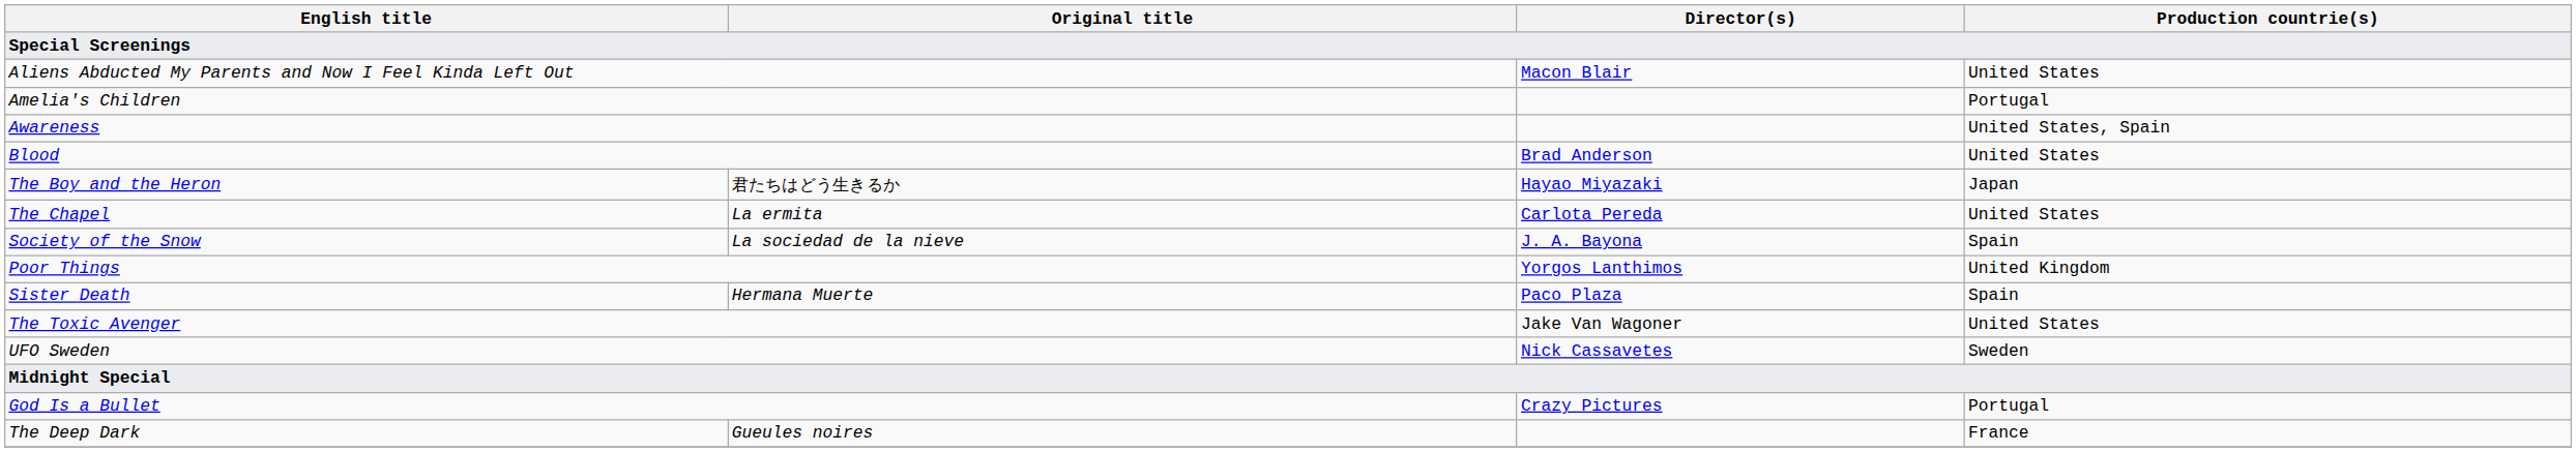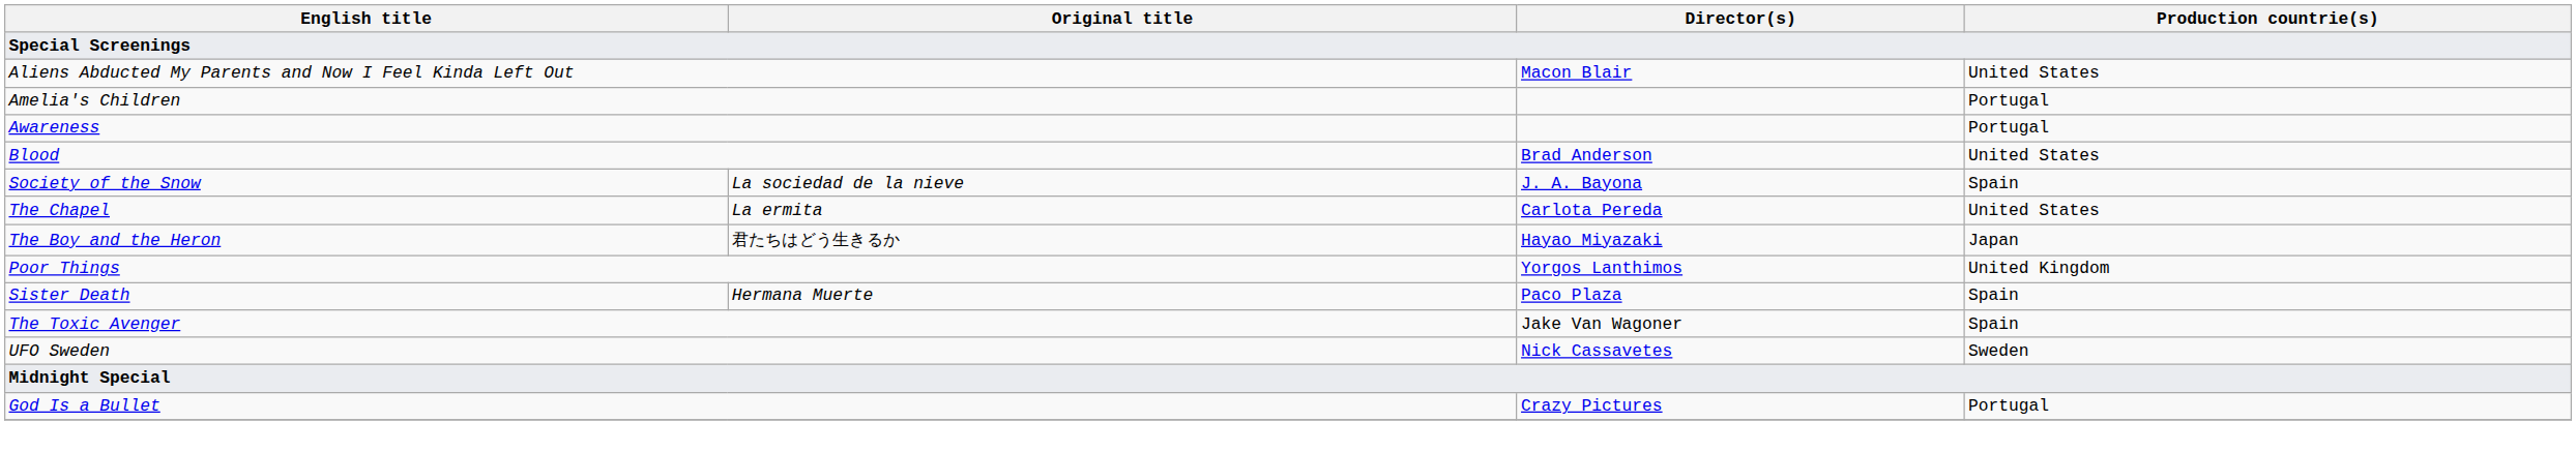 <table class="sortable wikitable" style="width:100%; margin-bottom:4px" cellpadding="5">
 <tr>
 <th scope="col">English title</th>
 <th scope="col">Original title</th>
 <th scope="col">Director(s)</th>
 <th scope="col">Production countrie(s)</th>
 </tr>
 <tr>
 <td colspan=4 class="center" style="padding-center:120px; background-color:#EAECF0"><strong>Special Screenings</strong></td>
 </tr>
 <tr>
 <td colspan="2"><em>Aliens Abducted My Parents and Now I Feel Kinda Left Out</em></td>
 <td><a href='#'>Macon Blair</a></td>
 <td>United States</td>
 </tr>
 <tr>
 <td colspan="2"><em>Amelia's Children</em></td>
 <td></td>
 <td>Portugal</td>
 </tr>
 <tr>
 <td colspan="2"><em><a href='#'>Awareness</a></em></td>
 <td></td>
-<td>United States, Spain</td>
+<td>Portugal</td>
 </tr>
 <tr>
 <td colspan="2"><em><a href='#'>Blood</a></em></td>
 <td><a href='#'>Brad Anderson</a></td>
 <td>United States</td>
 </tr>
 <tr>
-<td><em><a href='#'>The Boy and the Heron</a></em></td>
-<td>君たちはどう生きるか</td>
-<td><a href='#'>Hayao Miyazaki</a></td>
-<td>Japan</td>
+<td><em><a href='#'>Society of the Snow</a></em></td>
+<td><em>La sociedad de la nieve</em></td>
+<td><a href='#'>J. A. Bayona</a></td>
+<td>Spain</td>
 </tr>
 <tr>
 <td><em><a href='#'>The Chapel</a></em></td>
 <td><em>La ermita</em></td>
 <td><a href='#'>Carlota Pereda</a></td>
 <td>United States</td>
 </tr>
 <tr>
-<td><em><a href='#'>Society of the Snow</a></em></td>
-<td><em>La sociedad de la nieve</em></td>
-<td><a href='#'>J. A. Bayona</a></td>
-<td>Spain</td>
+<td><em><a href='#'>The Boy and the Heron</a></em></td>
+<td>君たちはどう生きるか</td>
+<td><a href='#'>Hayao Miyazaki</a></td>
+<td>Japan</td>
 </tr>
 <tr>
 <td colspan="2"><em><a href='#'>Poor Things</a></em></td>
 <td><a href='#'>Yorgos Lanthimos</a></td>
 <td>United Kingdom</td>
 </tr>
 <tr>
 <td><em><a href='#'>Sister Death</a></em> </td>
 <td><em>Hermana Muerte</em></td>
 <td><a href='#'>Paco Plaza</a></td>
 <td>Spain</td>
 </tr>
 <tr>
 <td colspan="2"><em><a href='#'>The Toxic Avenger</a></em></td>
 <td>Jake Van Wagoner</td>
-<td>United States</td>
+<td>Spain</td>
 </tr>
 <tr>
 <td colspan="2"><em>UFO Sweden</em></td>
 <td><a href='#'>Nick Cassavetes</a></td>
 <td>Sweden</td>
 </tr>
 <tr>
 <td colspan=4 class="center" style="padding-center:120px; background-color:#EAECF0"><strong>Midnight Special</strong></td>
 </tr>
 <tr>
 <td colspan="2"><em><a href='#'>God Is a Bullet</a></em></td>
 <td><a href='#'>Crazy Pictures</a></td>
 <td>Portugal</td>
 </tr>
 <tr>
-<td><em>The Deep Dark</em></td>
-<td><em>Gueules noires</em></td>
-<td></td>
-<td>France</td>
-</tr>
-<tr>
 </tr>
 </table>
